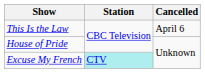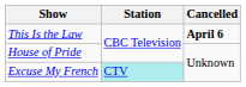 <table class="wikitable">
 <tr>
 <th>Show</th>
 <th>Station</th>
 <th>Cancelled</th>
 </tr>
 <tr>
 <td><em><a href='#'>This Is the Law</a></em></td>
 <td rowspan="2"><a href='#'>CBC Television</a></td>
-<td>April 6</td>
+<td><strong>April 6</strong></td>
 </tr>
 <tr>
 <td><em><a href='#'>House of Pride</a></em></td>
 <td rowspan="2">Unknown</td>
 </tr>
 <tr>
 <td><em><a href='#'>Excuse My French</a></em></td>
 <td style="background: paleturquoise;"><a href='#'>CTV</a></td>
 </tr>
 </table>
